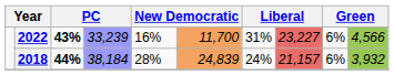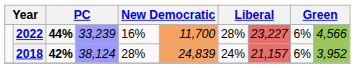 <table class="wikitable" style="float:right; width:400; font-size:90%; margin-left:1em;">
 <tr>
 <th colspan="2" scope="col">Year</th>
 <th colspan="2" scope="col"><a href='#'>PC</a></th>
 <th colspan="2" scope="col"><a href='#'>New Democratic</a></th>
 <th colspan="2" scope="col"><a href='#'>Liberal</a></th>
 <th colspan="2" scope="col"><a href='#'>Green</a></th>
 </tr>
 <tr>
 <td rowspan="2" style="width: 0.25em; background-color: "></td>
 <th><a href='#'>2022</a></th>
-<td><strong>43%</strong></td>
+<td><strong>44%</strong></td>
 <td style="text-align:right; background:#9999FF;"><em>33,239</em></td>
 <td>16%</td>
 <td style="text-align:right; background:#F4A460;"><em>11,700</em></td>
-<td>31%</td>
+<td>28%</td>
 <td style="text-align:right; background:#EA6D6A;"><em>23,227</em></td>
 <td>6%</td>
 <td style="text-align:right; background:#99C955;"><em>4,566</em></td>
 </tr>
 <tr>
 <th><a href='#'>2018</a></th>
-<td><strong>44%</strong></td>
-<td style="text-align:right; background:#9999FF;"><em>38,184</em></td>
+<td><strong>42%</strong></td>
+<td style="text-align:right; background:#9999FF;"><em>38,124</em></td>
 <td>28%</td>
 <td style="text-align:right; background:#F4A460;"><em>24,839</em></td>
 <td>24%</td>
 <td style="text-align:right; background:#EA6D6A;"><em>21,157</em></td>
 <td>6%</td>
-<td style="text-align:right; background:#99C955;"><em>3,932</em></td>
+<td style="text-align:right; background:#99C955;"><em>3,952</em></td>
 </tr>
 <tr>
 </tr>
 </table>
